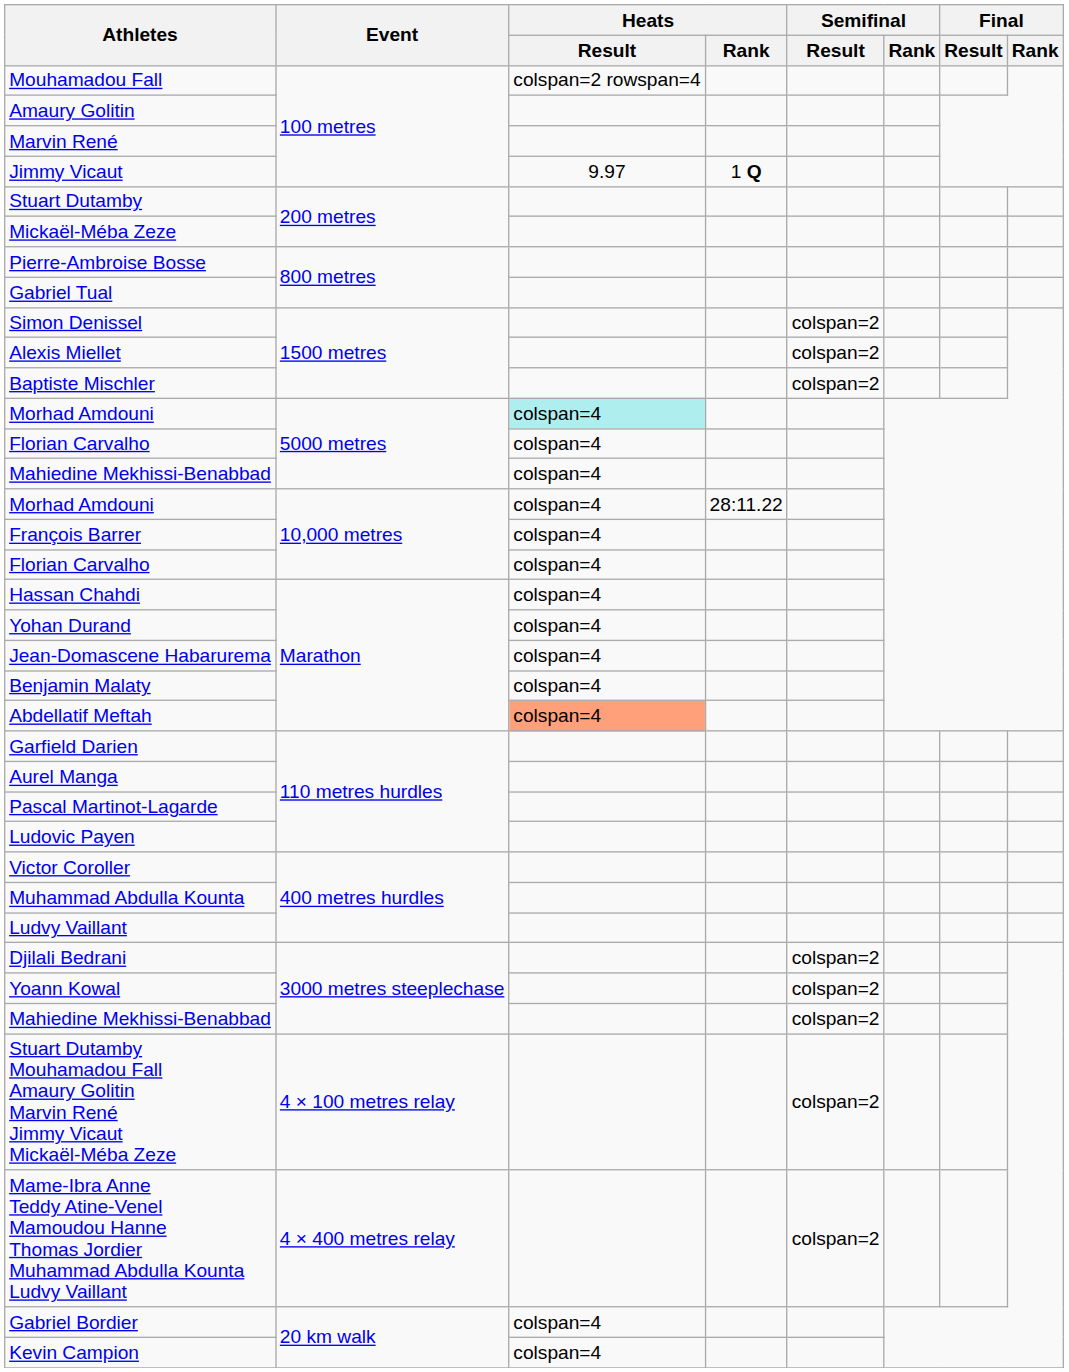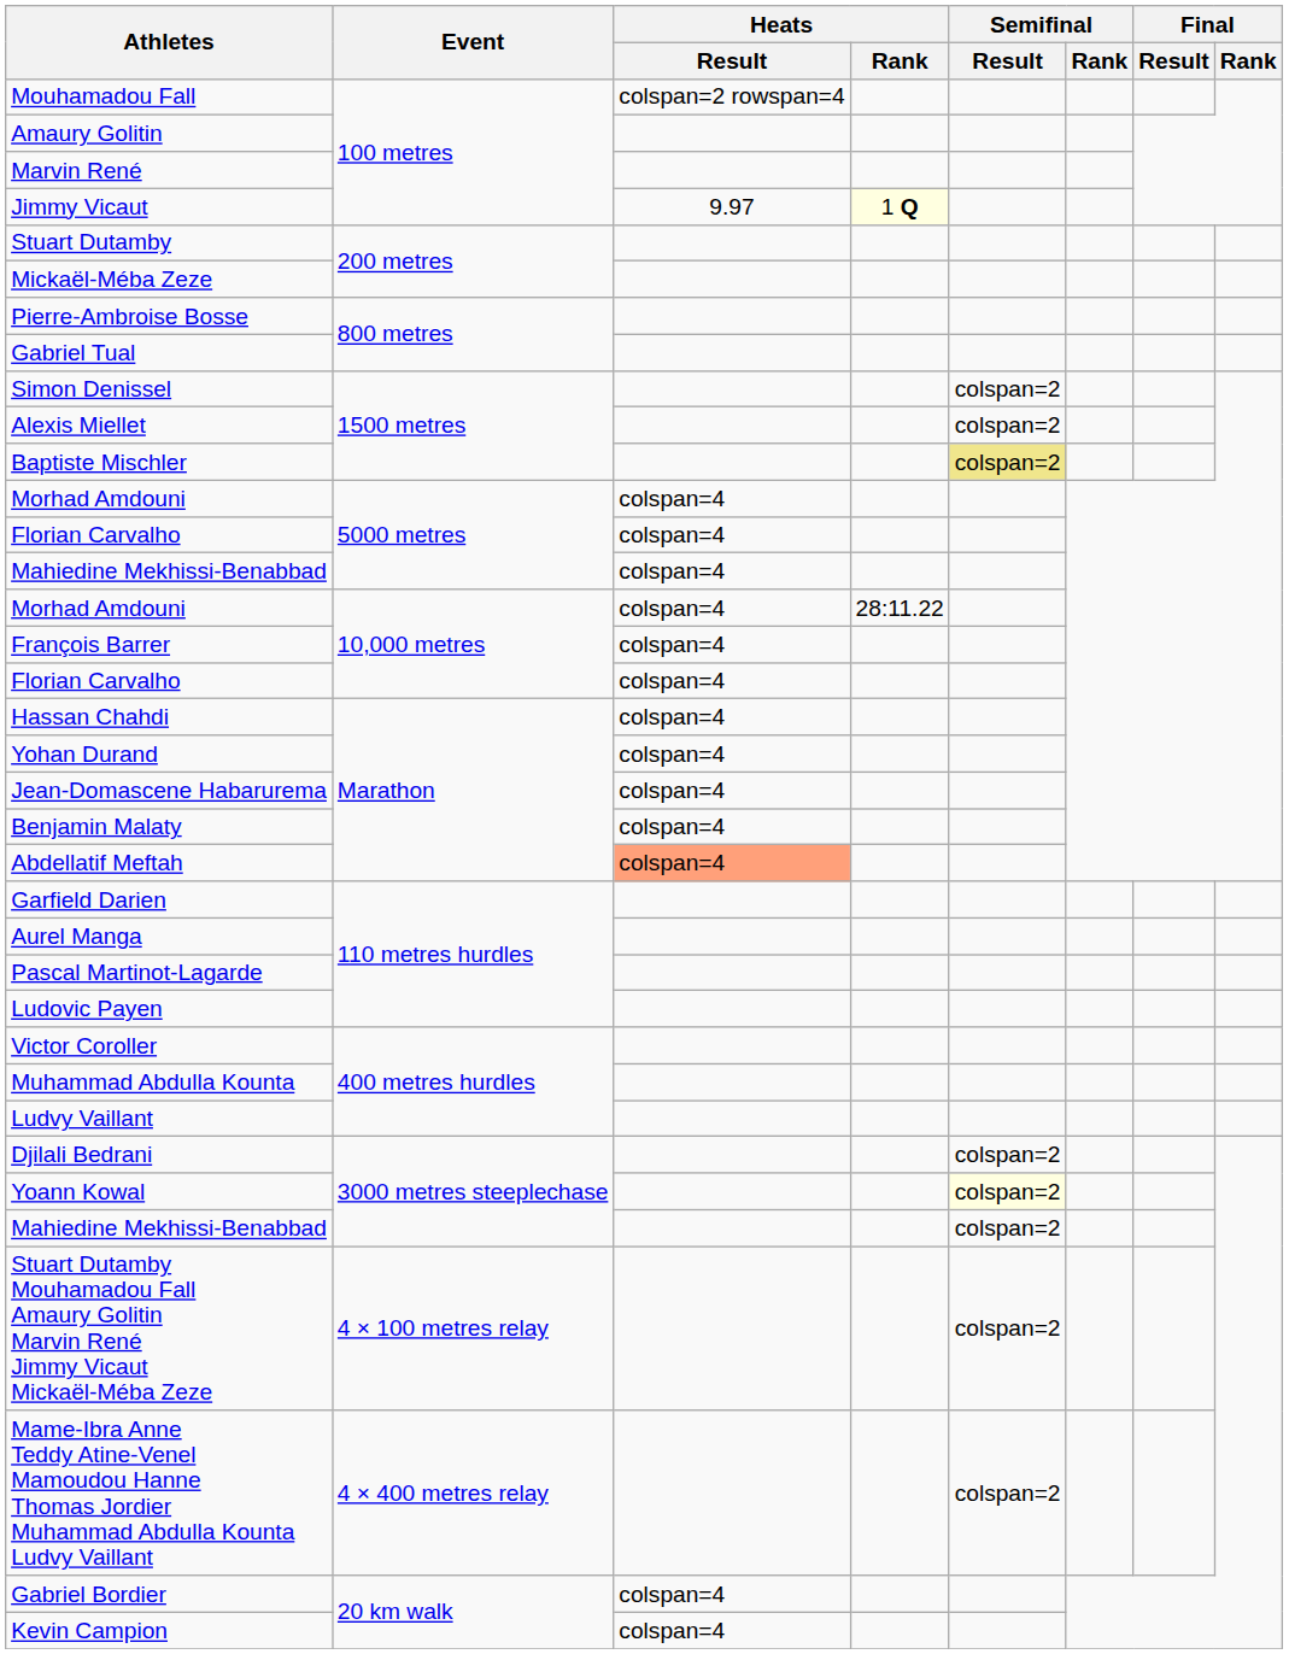 <table class="wikitable" border="1" style="font-size:90%">
 <tr>
 <th rowspan="2">Athletes</th>
 <th rowspan="2">Event</th>
 <th colspan="2">Heats</th>
 <th colspan="2">Semifinal</th>
 <th colspan="2">Final</th>
 </tr>
 <tr>
 <th>Result</th>
 <th>Rank</th>
 <th>Result</th>
 <th>Rank</th>
 <th>Result</th>
 <th>Rank</th>
 </tr>
 <tr>
 <td><a href='#'>Mouhamadou Fall</a></td>
 <td rowspan=4><a href='#'>100 metres</a></td>
 <td>colspan=2 rowspan=4 </td>
 <td align=center></td>
 <td align=center></td>
 <td align=center></td>
 <td align=center></td>
 </tr>
 <tr>
 <td><a href='#'>Amaury Golitin</a></td>
 <td align=center></td>
 <td align=center></td>
 <td align=center></td>
 <td align=center></td>
 </tr>
 <tr>
 <td><a href='#'>Marvin René</a></td>
 <td align=center></td>
 <td align=center></td>
 <td align=center></td>
 <td align=center></td>
 </tr>
 <tr>
 <td><a href='#'>Jimmy Vicaut</a></td>
 <td align=center>9.97</td>
-<td align=center>1 <strong>Q</strong></td>
+<td align=center style="background: lightyellow;">1 <strong>Q</strong></td>
 <td align=center></td>
 <td align=center></td>
 </tr>
 <tr>
 <td><a href='#'>Stuart Dutamby</a></td>
 <td rowspan=2><a href='#'>200 metres</a></td>
 <td align=center></td>
 <td align=center></td>
 <td align=center></td>
 <td align=center></td>
 <td align=center></td>
 <td align=center></td>
 </tr>
 <tr>
 <td><a href='#'>Mickaël-Méba Zeze</a></td>
 <td align=center></td>
 <td align=center></td>
 <td align=center></td>
 <td align=center></td>
 <td align=center></td>
 <td align=center></td>
 </tr>
 <tr>
 <td><a href='#'>Pierre-Ambroise Bosse</a></td>
 <td rowspan=2><a href='#'>800 metres</a></td>
 <td align=center></td>
 <td align=center></td>
 <td align=center></td>
 <td align=center></td>
 <td align=center></td>
 <td align=center></td>
 </tr>
 <tr>
 <td><a href='#'>Gabriel Tual</a></td>
 <td align=center></td>
 <td align=center></td>
 <td align=center></td>
 <td align=center></td>
 <td align=center></td>
 <td align=center></td>
 </tr>
 <tr>
 <td><a href='#'>Simon Denissel</a></td>
 <td rowspan=3><a href='#'>1500 metres</a></td>
 <td align=center></td>
 <td align=center></td>
 <td>colspan=2</td>
 <td align=center></td>
 <td align=center></td>
 </tr>
 <tr>
 <td><a href='#'>Alexis Miellet</a></td>
 <td align=center></td>
 <td align=center></td>
 <td>colspan=2</td>
 <td align=center></td>
 <td align=center></td>
 </tr>
 <tr>
 <td><a href='#'>Baptiste Mischler</a></td>
 <td align=center></td>
 <td align=center></td>
-<td>colspan=2</td>
+<td style="background: khaki;">colspan=2</td>
 <td align=center></td>
 <td align=center></td>
 </tr>
 <tr>
 <td><a href='#'>Morhad Amdouni</a></td>
 <td rowspan=3><a href='#'>5000 metres</a></td>
-<td style="background: paleturquoise;">colspan=4</td>
+<td>colspan=4</td>
 <td align=center></td>
 <td align=center></td>
 </tr>
 <tr>
 <td><a href='#'>Florian Carvalho</a></td>
 <td>colspan=4</td>
 <td align=center></td>
 <td align=center></td>
 </tr>
 <tr>
 <td><a href='#'>Mahiedine Mekhissi-Benabbad</a></td>
 <td>colspan=4</td>
 <td align=center></td>
 <td align=center></td>
 </tr>
 <tr>
 <td><a href='#'>Morhad Amdouni</a></td>
 <td rowspan=3><a href='#'>10,000 metres</a></td>
 <td>colspan=4</td>
 <td align=center>28:11.22</td>
 <td align=center></td>
 </tr>
 <tr>
 <td><a href='#'>François Barrer</a></td>
 <td>colspan=4</td>
 <td align=center></td>
 <td align=center></td>
 </tr>
 <tr>
 <td><a href='#'>Florian Carvalho</a></td>
 <td>colspan=4</td>
 <td align=center></td>
 <td align=center></td>
 </tr>
 <tr>
 <td><a href='#'>Hassan Chahdi</a></td>
 <td rowspan=5><a href='#'>Marathon</a></td>
 <td>colspan=4</td>
 <td align=center></td>
 <td align=center></td>
 </tr>
 <tr>
 <td><a href='#'>Yohan Durand</a></td>
 <td>colspan=4</td>
 <td align=center></td>
 <td align=center></td>
 </tr>
 <tr>
 <td><a href='#'>Jean-Domascene Habarurema</a></td>
 <td>colspan=4</td>
 <td align=center></td>
 <td align=center></td>
 </tr>
 <tr>
 <td><a href='#'>Benjamin Malaty</a></td>
 <td>colspan=4</td>
 <td align=center></td>
 <td align=center></td>
 </tr>
 <tr>
 <td><a href='#'>Abdellatif Meftah</a></td>
 <td style="background: lightsalmon;">colspan=4</td>
 <td align=center></td>
 <td align=center></td>
 </tr>
 <tr>
 <td><a href='#'>Garfield Darien</a></td>
 <td rowspan=4><a href='#'>110 metres hurdles</a></td>
 <td align=center></td>
 <td align=center></td>
 <td align=center></td>
 <td align=center></td>
 <td align=center></td>
 <td align=center></td>
 </tr>
 <tr>
 <td><a href='#'>Aurel Manga</a></td>
 <td align=center></td>
 <td align=center></td>
 <td align=center></td>
 <td align=center></td>
 <td align=center></td>
 <td align=center></td>
 </tr>
 <tr>
 <td><a href='#'>Pascal Martinot-Lagarde</a></td>
 <td align=center></td>
 <td align=center></td>
 <td align=center></td>
 <td align=center></td>
 <td align=center></td>
 <td align=center></td>
 </tr>
 <tr>
 <td><a href='#'>Ludovic Payen</a></td>
 <td align=center></td>
 <td align=center></td>
 <td align=center></td>
 <td align=center></td>
 <td align=center></td>
 <td align=center></td>
 </tr>
 <tr>
 <td><a href='#'>Victor Coroller</a></td>
 <td rowspan=3><a href='#'>400 metres hurdles</a></td>
 <td align=center></td>
 <td align=center></td>
 <td align=center></td>
 <td align=center></td>
 <td align=center></td>
 <td align=center></td>
 </tr>
 <tr>
 <td><a href='#'>Muhammad Abdulla Kounta</a></td>
 <td align=center></td>
 <td align=center></td>
 <td align=center></td>
 <td align=center></td>
 <td align=center></td>
 <td align=center></td>
 </tr>
 <tr>
 <td><a href='#'>Ludvy Vaillant</a></td>
 <td align=center></td>
 <td align=center></td>
 <td align=center></td>
 <td align=center></td>
 <td align=center></td>
 <td align=center></td>
 </tr>
 <tr>
 <td><a href='#'>Djilali Bedrani</a></td>
 <td rowspan=3><a href='#'>3000 metres steeplechase</a></td>
 <td align=center></td>
 <td align=center></td>
 <td>colspan=2</td>
 <td align=center></td>
 <td align=center></td>
 </tr>
 <tr>
 <td><a href='#'>Yoann Kowal</a></td>
 <td align=center></td>
 <td align=center></td>
-<td>colspan=2</td>
+<td style="background: lightyellow;">colspan=2</td>
 <td align=center></td>
 <td align=center></td>
 </tr>
 <tr>
 <td><a href='#'>Mahiedine Mekhissi-Benabbad</a></td>
 <td align=center></td>
 <td align=center></td>
 <td>colspan=2</td>
 <td align=center></td>
 <td align=center></td>
 </tr>
 <tr>
 <td><a href='#'>Stuart Dutamby</a><br><a href='#'>Mouhamadou Fall</a><br><a href='#'>Amaury Golitin</a><br><a href='#'>Marvin René</a><br><a href='#'>Jimmy Vicaut</a><br><a href='#'>Mickaël-Méba Zeze</a></td>
 <td><a href='#'>4 × 100 metres relay</a></td>
 <td align=center></td>
 <td align=center></td>
 <td>colspan=2</td>
 <td align=center></td>
 <td align=center></td>
 </tr>
 <tr>
 <td><a href='#'>Mame-Ibra Anne</a><br><a href='#'>Teddy Atine-Venel</a><br><a href='#'>Mamoudou Hanne</a><br><a href='#'>Thomas Jordier</a><br><a href='#'>Muhammad Abdulla Kounta</a><br><a href='#'>Ludvy Vaillant</a></td>
 <td><a href='#'>4 × 400 metres relay</a></td>
 <td align=center></td>
 <td align=center></td>
 <td>colspan=2</td>
 <td align=center></td>
 <td align=center></td>
 </tr>
 <tr>
 <td><a href='#'>Gabriel Bordier</a></td>
 <td rowspan=2><a href='#'>20 km walk</a></td>
 <td>colspan=4</td>
 <td align=center></td>
 <td align=center></td>
 </tr>
 <tr>
 <td><a href='#'>Kevin Campion</a></td>
 <td>colspan=4</td>
 <td align=center></td>
 <td align=center></td>
 </tr>
 </table>
